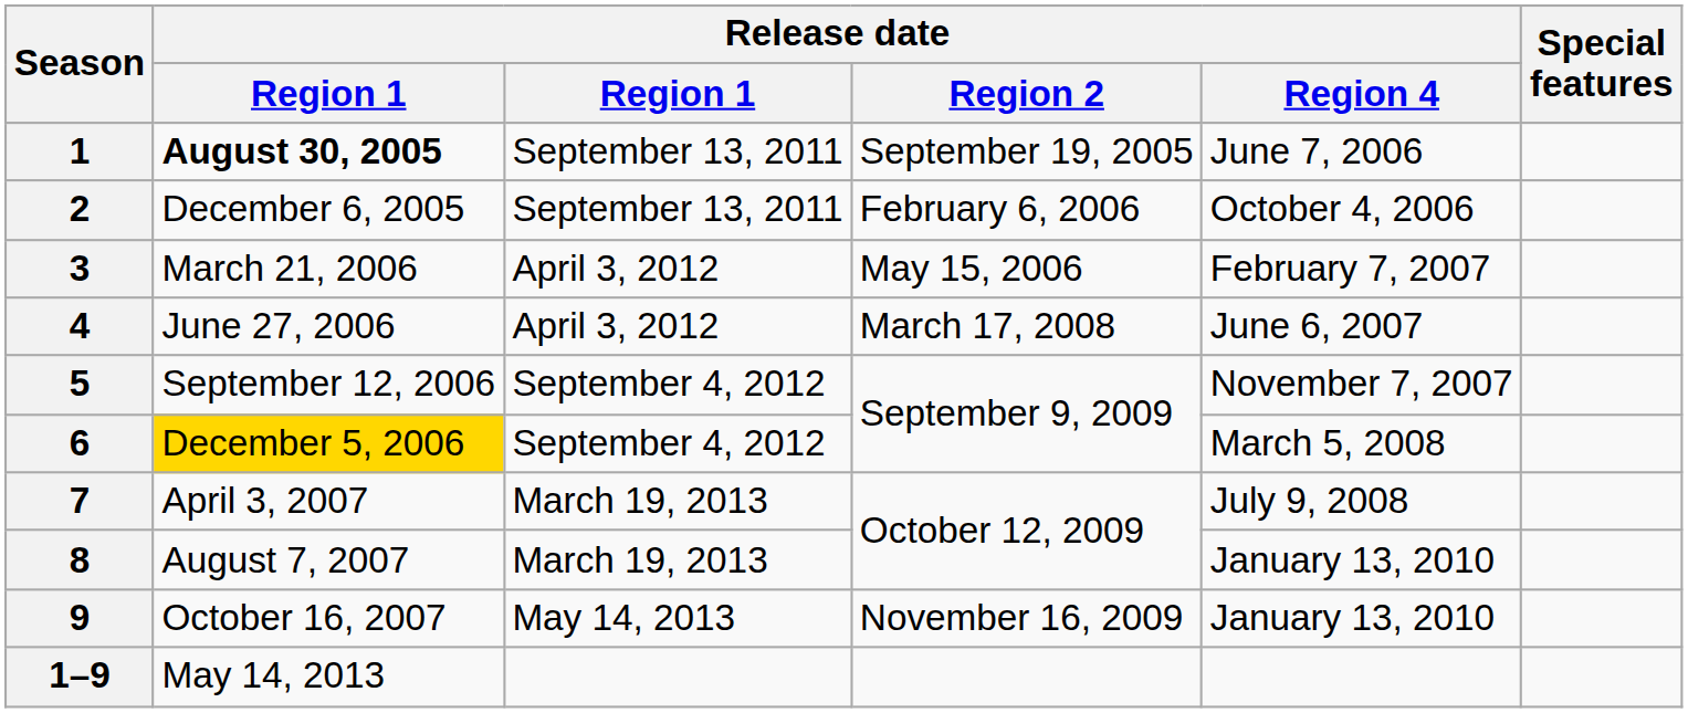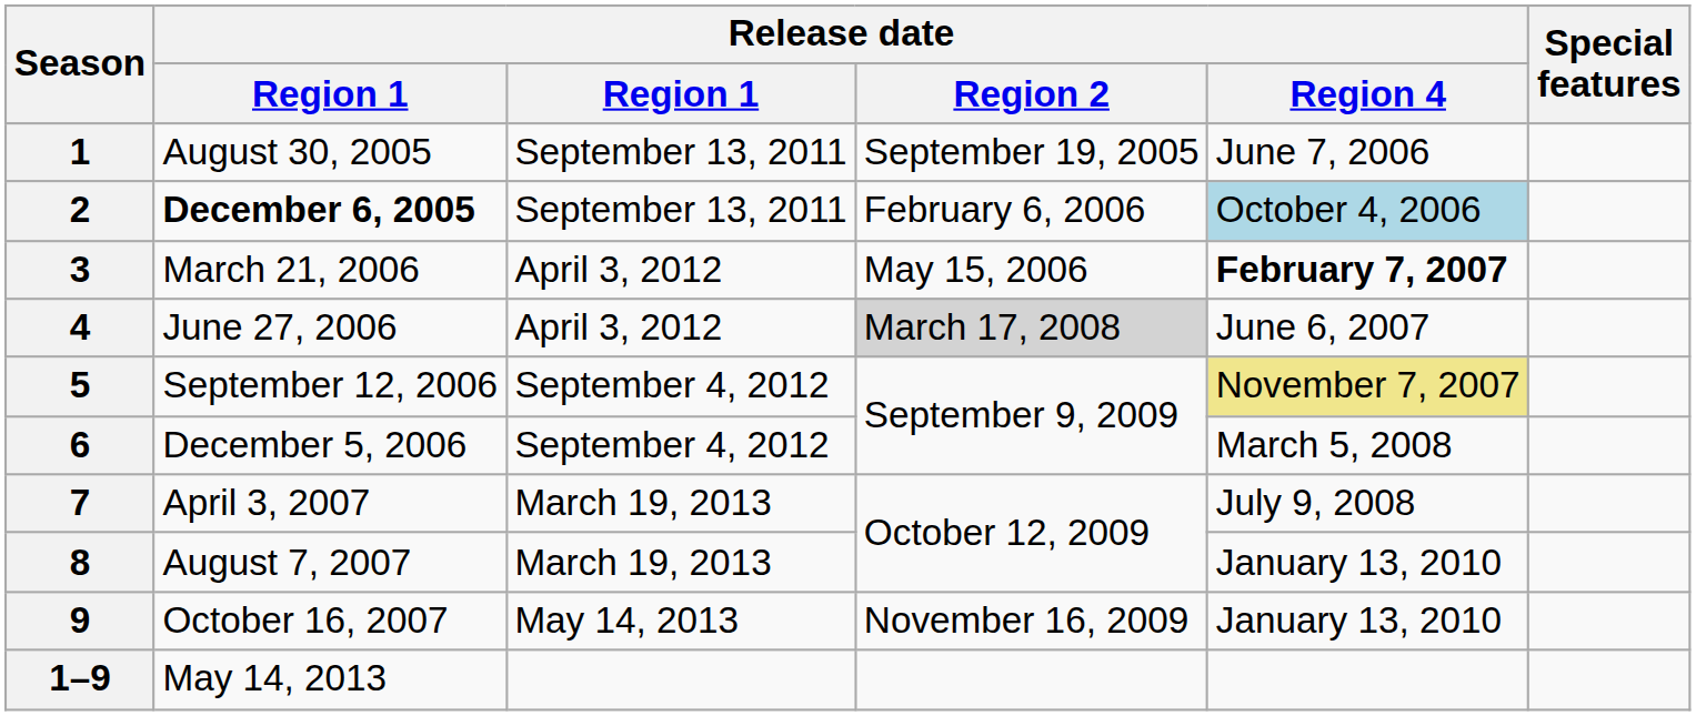 <table class="wikitable">
 <tr>
 <th rowspan="2">Season</th>
 <th colspan="4">Release date</th>
 <th rowspan="2">Special<br>features</th>
 </tr>
 <tr>
 <th><a href='#'>Region 1</a></th>
 <th><a href='#'>Region 1</a><br></th>
 <th><a href='#'>Region 2</a></th>
 <th><a href='#'>Region 4</a></th>
 </tr>
 <tr>
 <th>1</th>
-<td><strong>August 30, 2005</strong></td>
+<td>August 30, 2005</td>
 <td>September 13, 2011</td>
 <td>September 19, 2005</td>
 <td>June 7, 2006</td>
 <td></td>
 </tr>
 <tr>
 <th>2</th>
-<td>December 6, 2005</td>
+<td><strong>December 6, 2005</strong></td>
 <td>September 13, 2011</td>
 <td>February 6, 2006</td>
-<td>October 4, 2006</td>
+<td style="background: lightblue;">October 4, 2006</td>
 <td></td>
 </tr>
 <tr>
 <th>3</th>
 <td>March 21, 2006</td>
 <td>April 3, 2012</td>
 <td>May 15, 2006</td>
-<td>February 7, 2007</td>
+<td><strong>February 7, 2007</strong></td>
 <td></td>
 </tr>
 <tr>
 <th>4</th>
 <td>June 27, 2006</td>
 <td>April 3, 2012</td>
-<td>March 17, 2008</td>
+<td style="background: lightgrey;">March 17, 2008</td>
 <td>June 6, 2007</td>
 <td></td>
 </tr>
 <tr>
 <th>5</th>
 <td>September 12, 2006</td>
 <td>September 4, 2012</td>
 <td rowspan="2">September 9, 2009<br></td>
-<td>November 7, 2007</td>
+<td style="background: khaki;">November 7, 2007</td>
 <td></td>
 </tr>
 <tr>
 <th>6</th>
-<td style="background: gold;">December 5, 2006</td>
+<td>December 5, 2006</td>
 <td>September 4, 2012</td>
 <td>March 5, 2008</td>
 <td></td>
 </tr>
 <tr>
 <th>7</th>
 <td>April 3, 2007</td>
 <td>March 19, 2013</td>
 <td rowspan="2">October 12, 2009<br></td>
 <td>July 9, 2008</td>
 <td></td>
 </tr>
 <tr>
 <th>8</th>
 <td>August 7, 2007</td>
 <td>March 19, 2013</td>
 <td>January 13, 2010</td>
 <td></td>
 </tr>
 <tr>
 <th>9</th>
 <td>October 16, 2007</td>
 <td>May 14, 2013</td>
 <td>November 16, 2009</td>
 <td>January 13, 2010</td>
 <td></td>
 </tr>
 <tr>
 <th>1–9</th>
 <td>May 14, 2013</td>
 <td></td>
 <td></td>
 <td></td>
 <td></td>
 </tr>
 </table>
